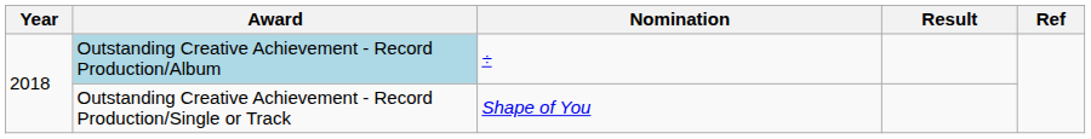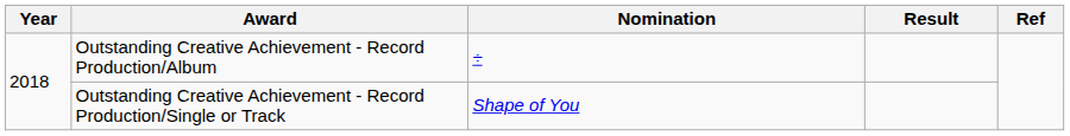 <table class="wikitable" style="max-width:75%;">
 <tr>
 <th width=5%>Year</th>
 <th style="width:30%;">Award</th>
 <th style="width:30%;">Nomination</th>
 <th style="width:10%;">Result</th>
 <th style="width:5%;">Ref</th>
 </tr>
 <tr>
 <td rowspan="2">2018</td>
-<td style="background: lightblue;">Outstanding Creative Achievement - Record Production/Album</td>
+<td>Outstanding Creative Achievement - Record Production/Album</td>
 <td><em><a href='#'>÷</a></em></td>
 <td></td>
 <td rowspan="2"></td>
 </tr>
 <tr>
 <td>Outstanding Creative Achievement - Record Production/Single or Track</td>
 <td><em><a href='#'>Shape of You</a></em></td>
 <td></td>
 </tr>
 </table>
